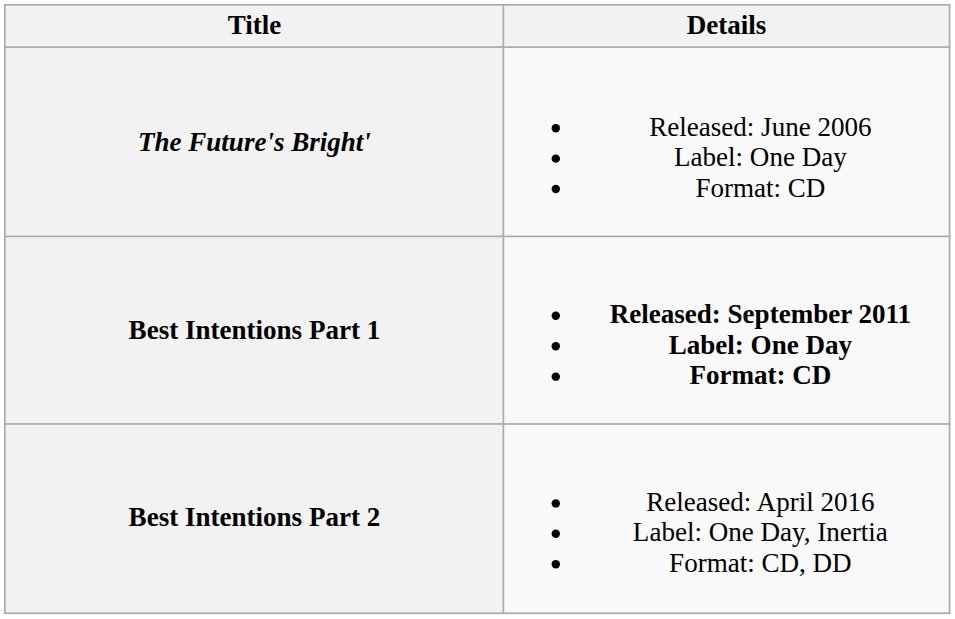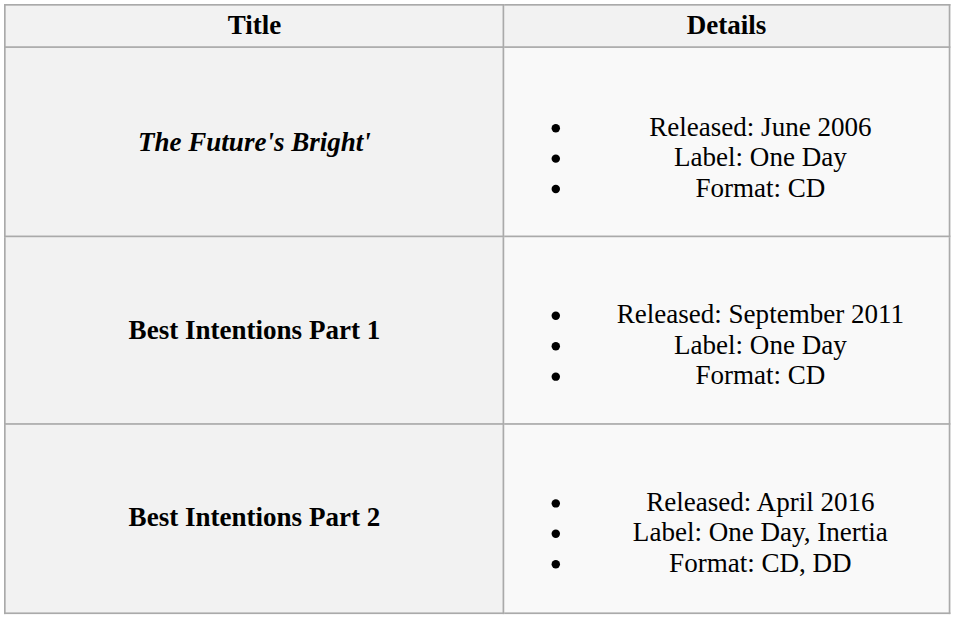 <table class="wikitable plainrowheaders" style="text-align:center;" border="1">
 <tr>
 <th scope="col" style="width:18em;">Title</th>
 <th scope="col" style="width:16em;">Details</th>
 </tr>
 <tr>
 <th scope="row"><em>The Future's Bright'</th>
 <td><br><ul><li>Released: June 2006</li><li>Label: One Day</li><li>Format: CD</li></ul></td>
 </tr>
 <tr>
 <th scope="row"></em>Best Intentions Part 1<em></th>
-<td><strong><br><ul><li>Released: September 2011</li><li>Label: One Day</li><li>Format: CD</li></ul></strong></td>
+<td><br><ul><li>Released: September 2011</li><li>Label: One Day</li><li>Format: CD</li></ul></td>
 </tr>
 <tr>
 <th scope="row"></em>Best Intentions Part 2<em></th>
 <td><br><ul><li>Released: April 2016</li><li>Label: One Day, Inertia</li><li>Format: CD, DD</li></ul></td>
 </tr>
 </table>
